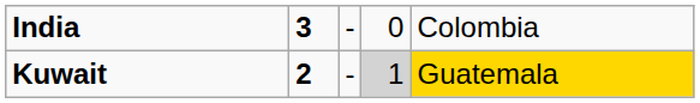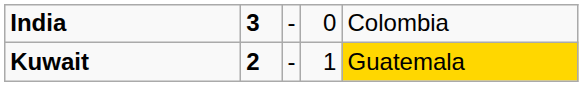 <table class="wikitable">
 <tr>
 <td width=150> <strong>India</strong></td>
 <td style="width:20px; text-align:left;"><strong>3</strong></td>
 <td>-</td>
 <td style="width:20px; text-align:right;">0</td>
 <td width=150> Colombia</td>
 </tr>
 <tr>
 <td> <strong>Kuwait</strong></td>
 <td style="text-align:left;"><strong>2</strong></td>
 <td>-</td>
-<td style="background: lightgrey; text-align:right;">1</td>
+<td style="text-align:right;">1</td>
 <td style="background: gold;"> Guatemala</td>
 </tr>
 </table>
